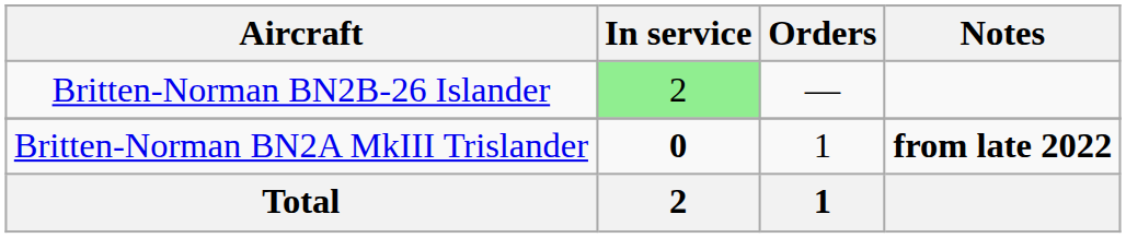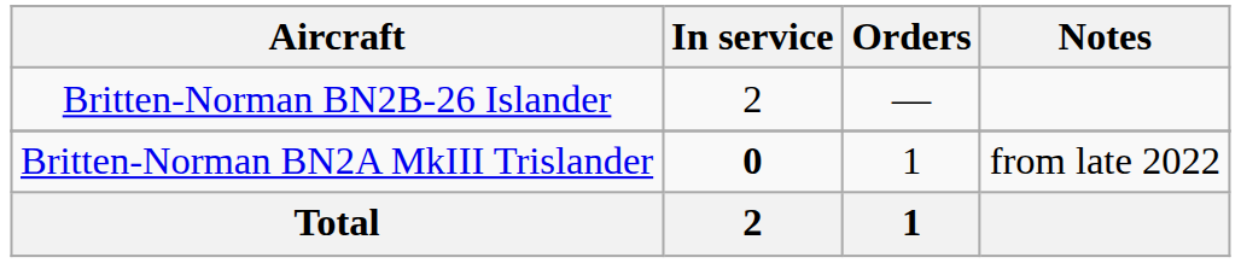 <table class="wikitable" style="text-align:center; margin:1em auto;">
 <tr>
 <th>Aircraft</th>
 <th>In service</th>
 <th>Orders</th>
 <th>Notes</th>
 </tr>
 <tr>
 <td><a href='#'>Britten-Norman BN2B-26 Islander</a></td>
-<td style="background: lightgreen;">2</td>
+<td>2</td>
 <td>—</td>
 <td></td>
 </tr>
 <tr>
 </tr>
 <tr>
 <td><a href='#'>Britten-Norman BN2A MkIII Trislander</a></td>
 <td><strong>0</strong></td>
 <td>1</td>
-<td><strong>from late 2022</strong></td>
+<td>from late 2022</td>
 </tr>
 <tr>
 <th>Total</th>
 <th>2</th>
 <th>1</th>
 <th colspan=2></th>
 </tr>
 </table>
